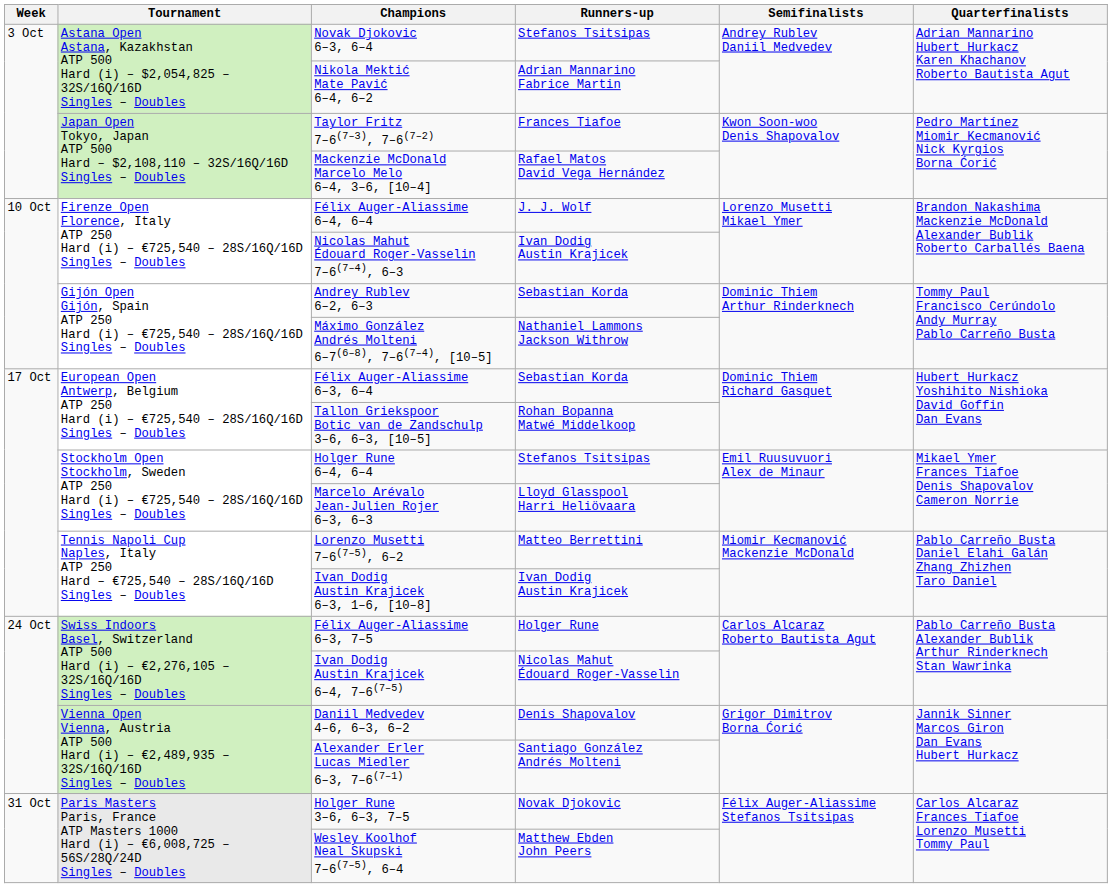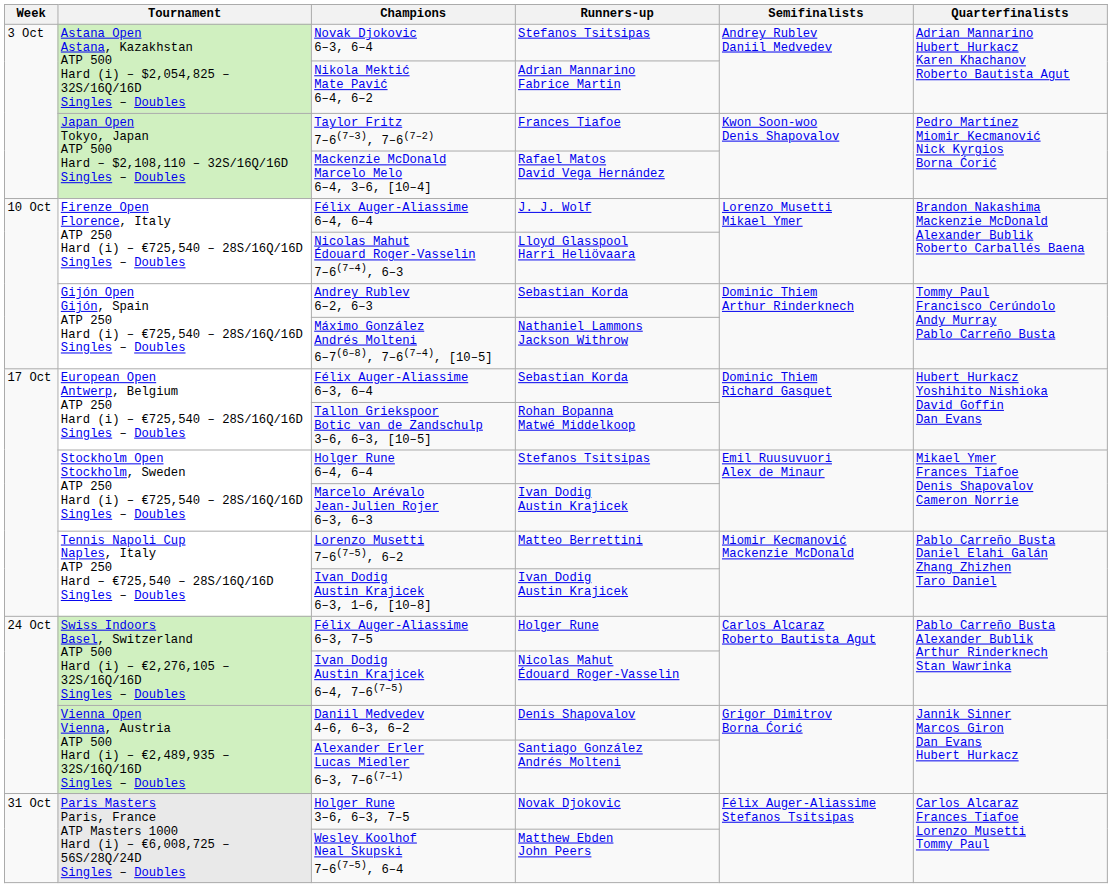 <table class=wikitable style=font-size:95%>
 <tr>
 <th style="width:48px;">Week</th>
 <th style="width:250px;">Tournament</th>
 <th style="width:200px;">Champions</th>
 <th style="width:200px;">Runners-up</th>
 <th style="width:190px;">Semifinalists</th>
 <th style="width:190px;">Quarterfinalists</th>
 </tr>
 <tr valign=top>
 <td rowspan=4>3 Oct</td>
 <td rowspan=2 style="background:#d0f0c0;"><a href='#'>Astana Open</a> <br> <a href='#'>Astana</a>, Kazakhstan <br> ATP 500 <br> Hard (i) – $2,054,825 – 32S/16Q/16D <br> <a href='#'>Singles</a> – <a href='#'>Doubles</a></td>
 <td> <a href='#'>Novak Djokovic</a> <br> 6–3, 6–4</td>
 <td> <a href='#'>Stefanos Tsitsipas</a></td>
 <td rowspan=2> <a href='#'>Andrey Rublev</a> <br>  <a href='#'>Daniil Medvedev</a></td>
 <td rowspan=2> <a href='#'>Adrian Mannarino</a> <br>  <a href='#'>Hubert Hurkacz</a> <br>  <a href='#'>Karen Khachanov</a> <br>  <a href='#'>Roberto Bautista Agut</a></td>
 </tr>
 <tr valign=top>
 <td> <a href='#'>Nikola Mektić</a> <br> <a href='#'>Mate Pavić</a> <br> 6–4, 6–2</td>
 <td> <a href='#'>Adrian Mannarino</a> <br> <a href='#'>Fabrice Martin</a></td>
 </tr>
 <tr valign=top>
 <td rowspan=2 style="background:#d0f0c0;"><a href='#'>Japan Open</a> <br> Tokyo, Japan <br> ATP 500 <br> Hard – $2,108,110 – 32S/16Q/16D <br> <a href='#'>Singles</a> – <a href='#'>Doubles</a></td>
 <td> <a href='#'>Taylor Fritz</a><br>7–6<sup>(7–3)</sup>, 7–6<sup>(7–2)</sup></td>
 <td> <a href='#'>Frances Tiafoe</a></td>
 <td rowspan=2> <a href='#'>Kwon Soon-woo</a> <br>   <a href='#'>Denis Shapovalov</a></td>
 <td rowspan=2> <a href='#'>Pedro Martínez</a> <br>  <a href='#'>Miomir Kecmanović</a> <br>  <a href='#'>Nick Kyrgios</a> <br>  <a href='#'>Borna Ćorić</a></td>
 </tr>
 <tr valign=top>
 <td> <a href='#'>Mackenzie McDonald</a> <br> <a href='#'>Marcelo Melo</a> <br> 6–4, 3–6, [10–4]</td>
 <td> <a href='#'>Rafael Matos</a> <br> <a href='#'>David Vega Hernández</a></td>
 </tr>
 <tr valign=top>
 <td rowspan=4>10 Oct</td>
 <td rowspan=2 style="background:#fff;"><a href='#'>Firenze Open</a> <br> <a href='#'>Florence</a>, Italy <br> ATP 250 <br> Hard (i) – €725,540 – 28S/16Q/16D <br> <a href='#'>Singles</a> – <a href='#'>Doubles</a></td>
 <td> <a href='#'>Félix Auger-Aliassime</a> <br> 6–4, 6–4</td>
 <td> <a href='#'>J. J. Wolf</a></td>
 <td rowspan=2> <a href='#'>Lorenzo Musetti</a> <br>  <a href='#'>Mikael Ymer</a></td>
 <td rowspan=2> <a href='#'>Brandon Nakashima</a> <br>  <a href='#'>Mackenzie McDonald</a> <br>  <a href='#'>Alexander Bublik</a> <br>  <a href='#'>Roberto Carballés Baena</a></td>
 </tr>
 <tr valign=top>
 <td> <a href='#'>Nicolas Mahut</a> <br> <a href='#'>Édouard Roger-Vasselin</a> <br> 7–6<sup>(7–4)</sup>, 6–3</td>
-<td> <a href='#'>Ivan Dodig</a> <br> <a href='#'>Austin Krajicek</a></td>
+<td> <a href='#'>Lloyd Glasspool</a> <br> <a href='#'>Harri Heliövaara</a></td>
 </tr>
 <tr valign=top>
 <td rowspan=2 style="background:#fff;"><a href='#'>Gijón Open</a> <br> <a href='#'>Gijón</a>, Spain <br> ATP 250 <br> Hard (i) – €725,540 – 28S/16Q/16D <br> <a href='#'>Singles</a> – <a href='#'>Doubles</a></td>
 <td> <a href='#'>Andrey Rublev</a> <br> 6–2, 6–3</td>
 <td> <a href='#'>Sebastian Korda</a></td>
 <td rowspan=2> <a href='#'>Dominic Thiem</a> <br>  <a href='#'>Arthur Rinderknech</a></td>
 <td rowspan=2> <a href='#'>Tommy Paul</a> <br>  <a href='#'>Francisco Cerúndolo</a> <br>  <a href='#'>Andy Murray</a> <br>  <a href='#'>Pablo Carreño Busta</a></td>
 </tr>
 <tr valign=top>
 <td> <a href='#'>Máximo González</a> <br> <a href='#'>Andrés Molteni</a> <br> 6–7<sup>(6–8)</sup>, 7–6<sup>(7–4)</sup>, [10–5]</td>
 <td> <a href='#'>Nathaniel Lammons</a> <br> <a href='#'>Jackson Withrow</a></td>
 </tr>
 <tr valign=top>
 <td rowspan=6>17 Oct</td>
 <td rowspan=2 style="background:#fff;"><a href='#'>European Open</a> <br> <a href='#'>Antwerp</a>, Belgium <br> ATP 250 <br> Hard (i) – €725,540 – 28S/16Q/16D <br> <a href='#'>Singles</a> – <a href='#'>Doubles</a></td>
 <td> <a href='#'>Félix Auger-Aliassime</a> <br> 6–3, 6–4</td>
 <td> <a href='#'>Sebastian Korda</a></td>
 <td rowspan=2> <a href='#'>Dominic Thiem</a> <br>  <a href='#'>Richard Gasquet</a></td>
 <td rowspan=2> <a href='#'>Hubert Hurkacz</a> <br>  <a href='#'>Yoshihito Nishioka</a> <br>   <a href='#'>David Goffin</a> <br>  <a href='#'>Dan Evans</a></td>
 </tr>
 <tr valign=top>
 <td> <a href='#'>Tallon Griekspoor</a> <br> <a href='#'>Botic van de Zandschulp</a>  <br> 3–6, 6–3, [10–5]</td>
 <td> <a href='#'>Rohan Bopanna</a> <br> <a href='#'>Matwé Middelkoop</a></td>
 </tr>
 <tr valign=top>
 <td rowspan=2 style="background:#fff;"><a href='#'>Stockholm Open</a> <br> <a href='#'>Stockholm</a>, Sweden <br> ATP 250 <br> Hard (i) – €725,540 – 28S/16Q/16D <br> <a href='#'>Singles</a> – <a href='#'>Doubles</a></td>
 <td> <a href='#'>Holger Rune</a> <br> 6–4, 6–4</td>
 <td> <a href='#'>Stefanos Tsitsipas</a></td>
 <td rowspan=2> <a href='#'>Emil Ruusuvuori</a> <br>  <a href='#'>Alex de Minaur</a></td>
 <td rowspan=2> <a href='#'>Mikael Ymer</a> <br>  <a href='#'>Frances Tiafoe</a> <br>  <a href='#'>Denis Shapovalov</a> <br>  <a href='#'>Cameron Norrie</a></td>
 </tr>
 <tr style="vertical-align:top">
 <td> <a href='#'>Marcelo Arévalo</a> <br> <a href='#'>Jean-Julien Rojer</a>  <br> 6–3, 6–3</td>
-<td> <a href='#'>Lloyd Glasspool</a> <br> <a href='#'>Harri Heliövaara</a></td>
+<td> <a href='#'>Ivan Dodig</a> <br> <a href='#'>Austin Krajicek</a></td>
 </tr>
 <tr valign=top>
 <td rowspan=2 style="background:#fff;"><a href='#'>Tennis Napoli Cup</a> <br> <a href='#'>Naples</a>, Italy <br> ATP 250 <br> Hard – €725,540 – 28S/16Q/16D <br> <a href='#'>Singles</a> – <a href='#'>Doubles</a></td>
 <td> <a href='#'>Lorenzo Musetti</a> <br> 7–6<sup>(7–5)</sup>, 6–2</td>
 <td> <a href='#'>Matteo Berrettini</a></td>
 <td rowspan=2> <a href='#'>Miomir Kecmanović</a> <br>  <a href='#'>Mackenzie McDonald</a></td>
 <td rowspan=2> <a href='#'>Pablo Carreño Busta</a> <br>  <a href='#'>Daniel Elahi Galán</a><br>  <a href='#'>Zhang Zhizhen</a><br>  <a href='#'>Taro Daniel</a></td>
 </tr>
 <tr style="vertical-align:top">
 <td> <a href='#'>Ivan Dodig</a> <br> <a href='#'>Austin Krajicek</a> <br> 6–3, 1–6, [10–8]</td>
 <td> <a href='#'>Ivan Dodig</a> <br> <a href='#'>Austin Krajicek</a></td>
 </tr>
 <tr valign=top>
 <td rowspan=4>24 Oct</td>
 <td rowspan=2 style="background:#d0f0c0;"><a href='#'>Swiss Indoors</a> <br> <a href='#'>Basel</a>, Switzerland <br> ATP 500 <br> Hard (i) – €2,276,105 – 32S/16Q/16D <br> <a href='#'>Singles</a> – <a href='#'>Doubles</a></td>
 <td> <a href='#'>Félix Auger-Aliassime</a> <br> 6–3, 7–5</td>
 <td> <a href='#'>Holger Rune</a></td>
 <td rowspan=2> <a href='#'>Carlos Alcaraz</a> <br>  <a href='#'>Roberto Bautista Agut</a></td>
 <td rowspan=2> <a href='#'>Pablo Carreño Busta</a> <br>  <a href='#'>Alexander Bublik</a> <br>  <a href='#'>Arthur Rinderknech</a> <br>  <a href='#'>Stan Wawrinka</a></td>
 </tr>
 <tr style="vertical-align:top">
 <td> <a href='#'>Ivan Dodig</a> <br> <a href='#'>Austin Krajicek</a> <br> 6–4, 7–6<sup>(7–5)</sup></td>
 <td> <a href='#'>Nicolas Mahut</a> <br> <a href='#'>Édouard Roger-Vasselin</a></td>
 </tr>
 <tr valign=top>
 <td rowspan=2 style="background:#d0f0c0;"><a href='#'>Vienna Open</a> <br> <a href='#'>Vienna</a>, Austria <br> ATP 500 <br> Hard (i) – €2,489,935 – 32S/16Q/16D <br> <a href='#'>Singles</a> – <a href='#'>Doubles</a></td>
 <td> <a href='#'>Daniil Medvedev</a> <br> 4–6, 6–3, 6–2</td>
 <td> <a href='#'>Denis Shapovalov</a></td>
 <td rowspan=2> <a href='#'>Grigor Dimitrov</a> <br>  <a href='#'>Borna Ćorić</a></td>
 <td rowspan=2> <a href='#'>Jannik Sinner</a> <br>  <a href='#'>Marcos Giron</a> <br>  <a href='#'>Dan Evans</a> <br>  <a href='#'>Hubert Hurkacz</a></td>
 </tr>
 <tr valign=top>
 <td> <a href='#'>Alexander Erler</a> <br> <a href='#'>Lucas Miedler</a> <br> 6–3, 7–6<sup>(7–1)</sup></td>
 <td> <a href='#'>Santiago González</a> <br> <a href='#'>Andrés Molteni</a></td>
 </tr>
 <tr valign=top>
 <td rowspan=2>31 Oct</td>
 <td rowspan=2 style="background:#e9e9e9;"><a href='#'>Paris Masters</a> <br> Paris, France <br> ATP Masters 1000 <br> Hard (i) – €6,008,725 – 56S/28Q/24D <br> <a href='#'>Singles</a> – <a href='#'>Doubles</a></td>
 <td> <a href='#'>Holger Rune</a> <br> 3–6, 6–3, 7–5</td>
 <td> <a href='#'>Novak Djokovic</a></td>
 <td rowspan=2> <a href='#'>Félix Auger-Aliassime</a><br>   <a href='#'>Stefanos Tsitsipas</a></td>
 <td rowspan=2> <a href='#'>Carlos Alcaraz</a> <br>  <a href='#'>Frances Tiafoe</a> <br> <a href='#'>Lorenzo Musetti</a> <br>  <a href='#'>Tommy Paul</a></td>
 </tr>
 <tr valign=top>
 <td> <a href='#'>Wesley Koolhof</a> <br> <a href='#'>Neal Skupski</a> <br>7–6<sup>(7–5)</sup>, 6–4</td>
 <td> <a href='#'>Matthew Ebden</a> <br> <a href='#'>John Peers</a></td>
 </tr>
 </table>
